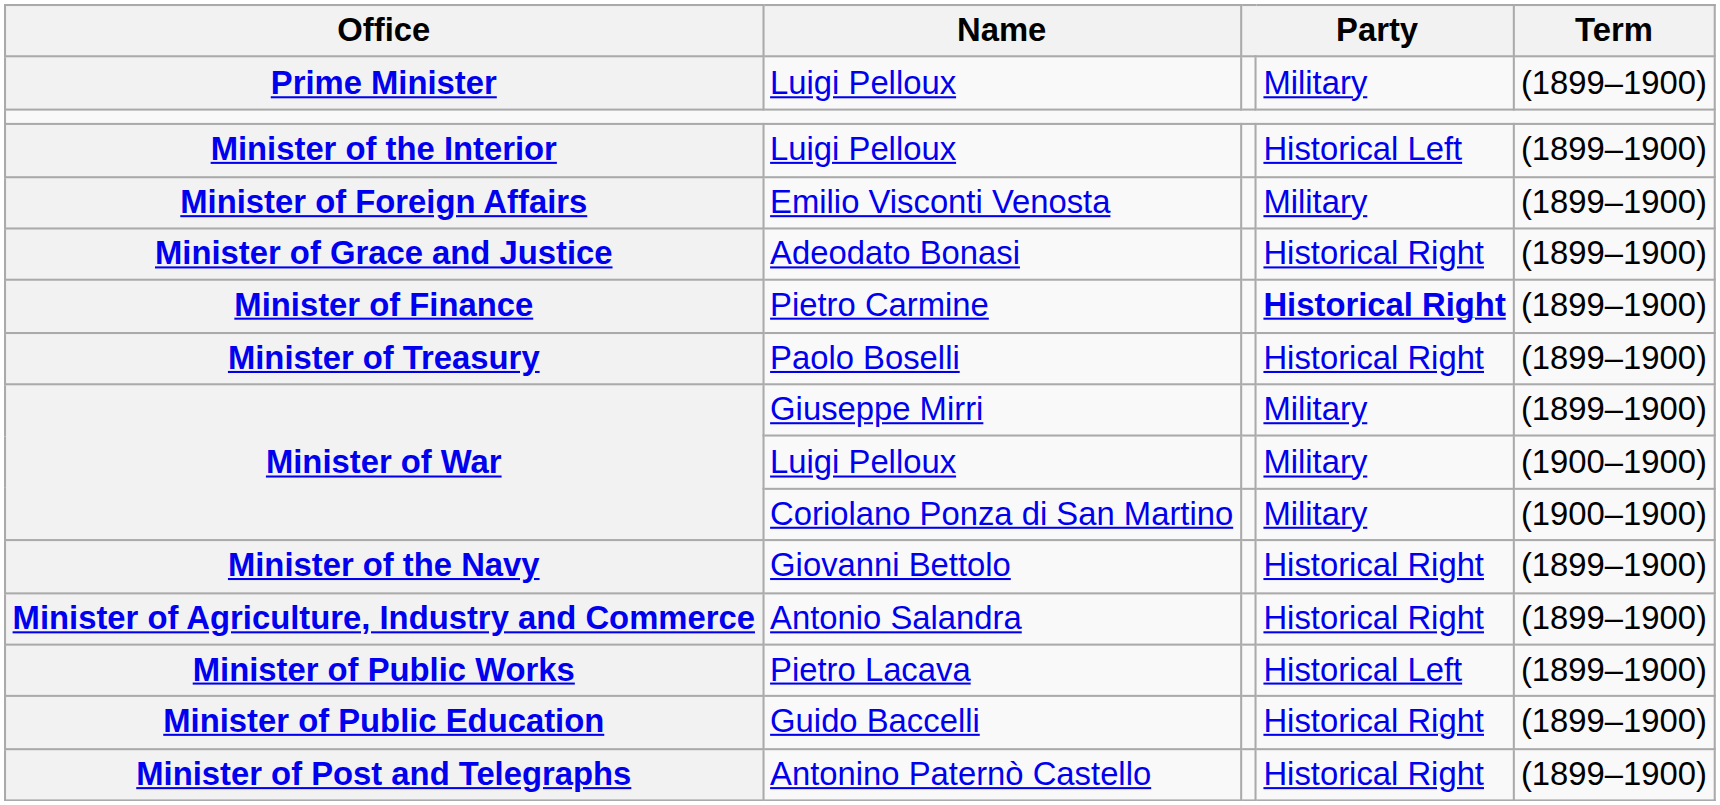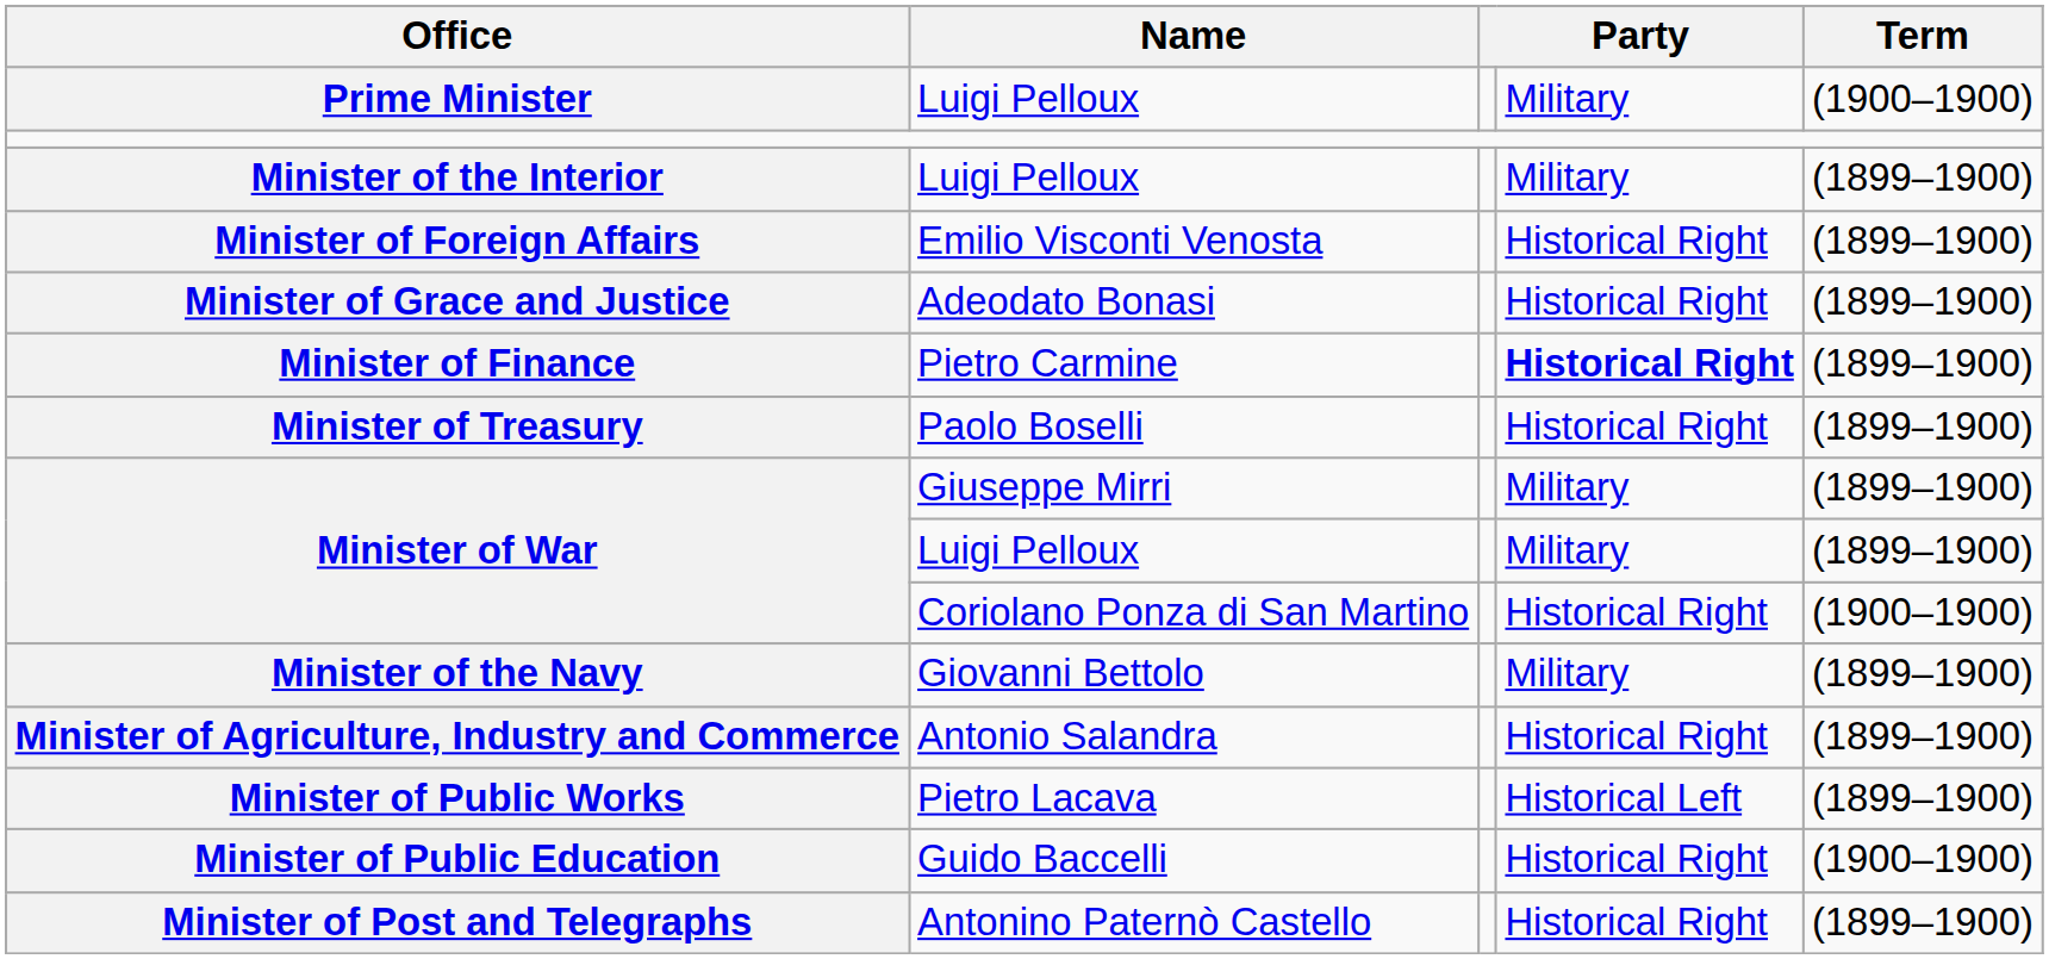 <table class="wikitable" style="font-size: 100%;">
 <tr>
 <th>Office</th>
 <th>Name</th>
 <th colspan=2>Party</th>
 <th>Term</th>
 </tr>
 <tr>
 <th><a href='#'>Prime Minister</a></th>
 <td><a href='#'>Luigi Pelloux</a></td>
 <td style="color:inherit;background:"></td>
 <td><a href='#'>Military</a></td>
-<td>(1899–1900)</td>
+<td>(1900–1900)</td>
 </tr>
 <tr>
 <td colspan=6></td>
 </tr>
 <tr>
 <th><a href='#'>Minister of the Interior</a></th>
 <td><a href='#'>Luigi Pelloux</a></td>
 <td style="color:inherit;background:"></td>
-<td><a href='#'>Historical Left</a></td>
+<td><a href='#'>Military</a></td>
 <td>(1899–1900)</td>
 </tr>
 <tr>
 <th><a href='#'>Minister of Foreign Affairs</a></th>
 <td><a href='#'>Emilio Visconti Venosta</a></td>
 <td style="color:inherit;background:"></td>
-<td><a href='#'>Military</a></td>
+<td><a href='#'>Historical Right</a></td>
 <td>(1899–1900)</td>
 </tr>
 <tr>
 <th><a href='#'>Minister of Grace and Justice</a></th>
 <td><a href='#'>Adeodato Bonasi</a></td>
 <td style="color:inherit;background:"></td>
 <td><a href='#'>Historical Right</a></td>
 <td>(1899–1900)</td>
 </tr>
 <tr>
 <th><a href='#'>Minister of Finance</a></th>
 <td><a href='#'>Pietro Carmine</a></td>
 <td style="color:inherit;background:"></td>
 <td><strong><a href='#'>Historical Right</a></strong></td>
 <td>(1899–1900)</td>
 </tr>
 <tr>
 <th><a href='#'>Minister of Treasury</a></th>
 <td><a href='#'>Paolo Boselli</a></td>
 <td style="color:inherit;background:"></td>
 <td><a href='#'>Historical Right</a></td>
 <td>(1899–1900)</td>
 </tr>
 <tr>
 <th rowspan=3><a href='#'>Minister of War</a></th>
 <td><a href='#'>Giuseppe Mirri</a></td>
 <td style="color:inherit;background:"></td>
 <td><a href='#'>Military</a></td>
 <td>(1899–1900)</td>
 </tr>
 <tr>
 <td><a href='#'>Luigi Pelloux</a></td>
 <td style="color:inherit;background:"></td>
 <td><a href='#'>Military</a></td>
-<td>(1900–1900)</td>
+<td>(1899–1900)</td>
 </tr>
 <tr>
 <td><a href='#'>Coriolano Ponza di San Martino</a></td>
 <td style="color:inherit;background:"></td>
-<td><a href='#'>Military</a></td>
+<td><a href='#'>Historical Right</a></td>
 <td>(1900–1900)</td>
 </tr>
 <tr>
 <th><a href='#'>Minister of the Navy</a></th>
 <td><a href='#'>Giovanni Bettolo</a></td>
 <td style="color:inherit;background:"></td>
-<td><a href='#'>Historical Right</a></td>
+<td><a href='#'>Military</a></td>
 <td>(1899–1900)</td>
 </tr>
 <tr>
 <th><a href='#'>Minister of Agriculture, Industry and Commerce</a></th>
 <td><a href='#'>Antonio Salandra</a></td>
 <td style="color:inherit;background:"></td>
 <td><a href='#'>Historical Right</a></td>
 <td>(1899–1900)</td>
 </tr>
 <tr>
 <th><a href='#'>Minister of Public Works</a></th>
 <td><a href='#'>Pietro Lacava</a></td>
 <td style="color:inherit;background:"></td>
 <td><a href='#'>Historical Left</a></td>
 <td>(1899–1900)</td>
 </tr>
 <tr>
 <th><a href='#'>Minister of Public Education</a></th>
 <td><a href='#'>Guido Baccelli</a></td>
 <td style="color:inherit;background:"></td>
 <td><a href='#'>Historical Right</a></td>
-<td>(1899–1900)</td>
+<td>(1900–1900)</td>
 </tr>
 <tr>
 <th><a href='#'>Minister of Post and Telegraphs</a></th>
 <td><a href='#'>Antonino Paternò Castello</a></td>
 <td style="color:inherit;background:"></td>
 <td><a href='#'>Historical Right</a></td>
 <td>(1899–1900)</td>
 </tr>
 </table>
